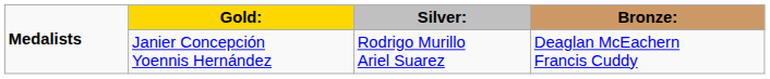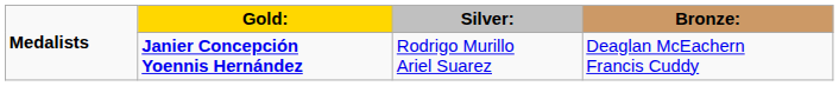 <table class="wikitable" width=60%>
 <tr>
 <td rowspan=2><strong>Medalists</strong></td>
 <td style="text-align:center;background-color:gold;"><strong>Gold:</strong></td>
 <td style="text-align:center;background-color:silver;"><strong>Silver:</strong></td>
 <td style="text-align:center;background-color:#CC9966;"><strong>Bronze:</strong></td>
 </tr>
 <tr>
-<td><a href='#'>Janier Concepción</a><br><a href='#'>Yoennis Hernández</a><br></td>
+<td><strong><a href='#'>Janier Concepción</a><br><a href='#'>Yoennis Hernández</a><br></strong></td>
 <td><a href='#'>Rodrigo Murillo</a><br><a href='#'>Ariel Suarez</a><br></td>
 <td><a href='#'>Deaglan McEachern</a><br> <a href='#'>Francis Cuddy</a><br></td>
 </tr>
 </table>
